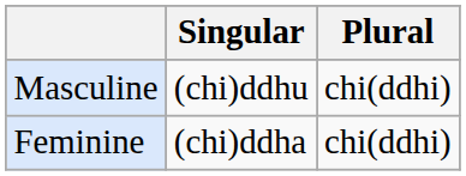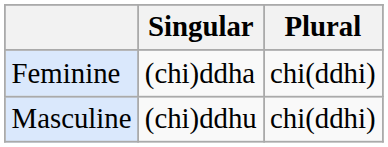 <table class="wikitable">
 <tr style="font-style:normal; font-weight:normal; background-color:#dae8fc;">
 <th></th>
 <th style="font-family:serif !important;">Singular</th>
 <th>Plural</th>
 </tr>
 <tr>
+<td style="background-color:#dae8fc; font-style:normal; font-weight:normal;">Feminine</td>
+<td>(chi)ddha</td>
+<td>chi(ddhi)</td>
+</tr>
+<tr>
 <td style="background-color:#dae8fc; font-style:normal; font-weight:normal;">Masculine</td>
 <td>(chi)ddhu</td>
 <td>chi(ddhi)</td>
 </tr>
-<tr>
-<td style="background-color:#dae8fc; font-style:normal; font-weight:normal;">Feminine</td>
-<td>(chi)ddha</td>
-<td>chi(ddhi)</td>
-</tr>
 </table>
